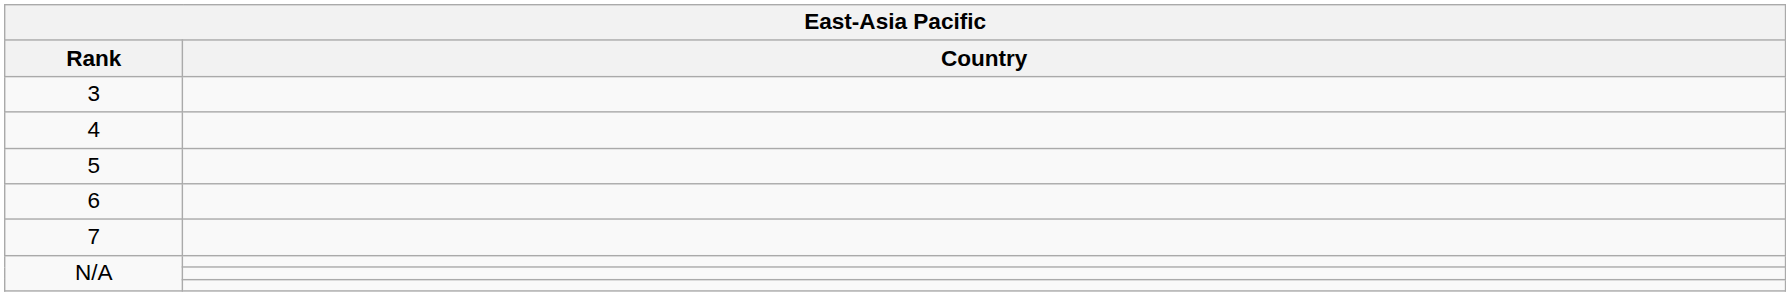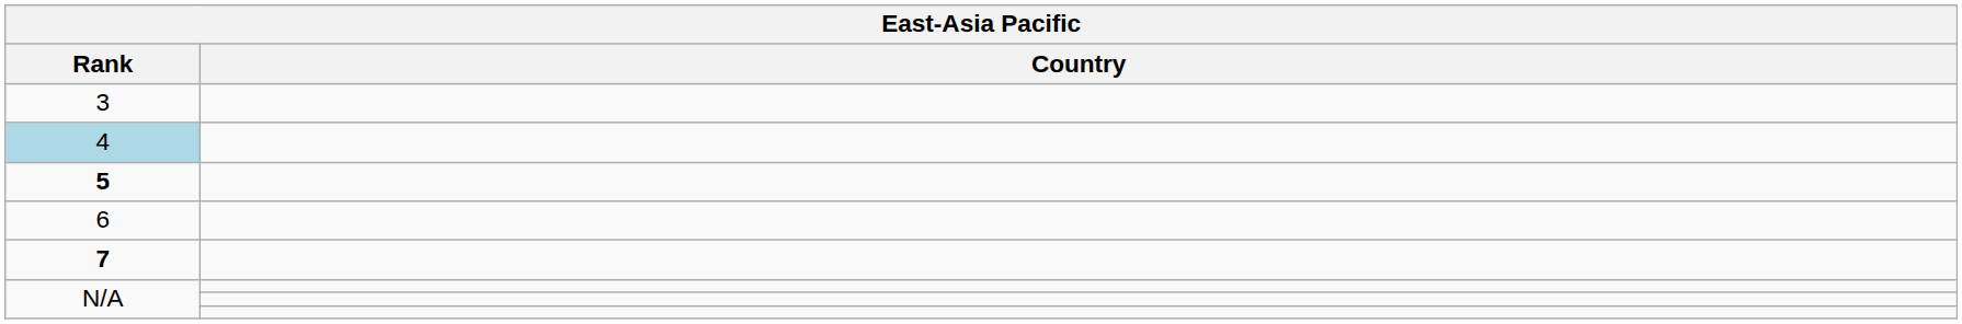 <table class="wikitable sortable" style="text-align: center" width=100%>
 <tr>
 <th colspan=2 align="center">East-Asia Pacific</th>
 </tr>
 <tr>
 <th width=10% align="center">Rank</th>
 <th width=90% align="center">Country</th>
 </tr>
 <tr>
 <td>3</td>
 <td align="left"></td>
 </tr>
 <tr>
-<td>4</td>
+<td style="background: lightblue;">4</td>
 <td align="left"></td>
 </tr>
 <tr>
-<td>5</td>
+<td><strong>5</strong></td>
 <td align="left"></td>
 </tr>
 <tr>
 <td>6</td>
 <td align="left"></td>
 </tr>
 <tr>
-<td>7</td>
+<td><strong>7</strong></td>
 <td align="left"></td>
 </tr>
 <tr>
 <td rowspan=3>N/A</td>
 <td align="left"></td>
 </tr>
 <tr>
 <td align="left"></td>
 </tr>
 <tr>
 <td align="left"></td>
 </tr>
 </table>
